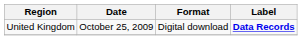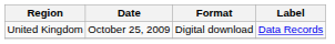 <table class=wikitable>
 <tr>
 <th>Region</th>
 <th>Date</th>
 <th>Format</th>
 <th>Label</th>
 </tr>
 <tr>
 <td>United Kingdom</td>
 <td>October 25, 2009</td>
 <td>Digital download</td>
-<td><strong><a href='#'>Data Records</a></strong></td>
+<td><a href='#'>Data Records</a></td>
 </tr>
 <tr>
 </tr>
 </table>
